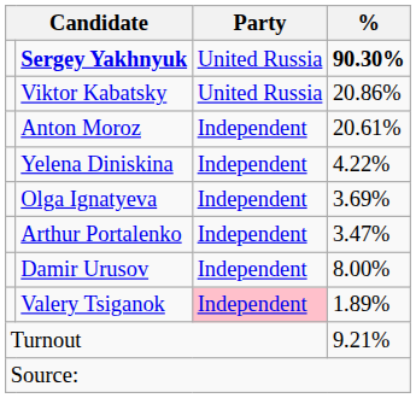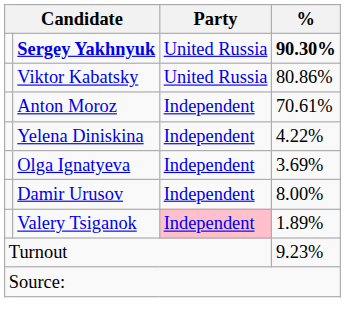 <table class="wikitable sortable" style="text-align:left; margin-bottom:0;">
 <tr>
 <th colspan=2>Candidate</th>
 <th>Party</th>
 <th>%</th>
 </tr>
 <tr>
 <td style="background-color:"></td>
 <td><strong><a href='#'>Sergey Yakhnyuk</a></strong></td>
 <td><a href='#'>United Russia</a></td>
 <td><strong>90.30%</strong></td>
 </tr>
 <tr>
 <td style="background-color:"></td>
 <td><a href='#'>Viktor Kabatsky</a></td>
 <td><a href='#'>United Russia</a></td>
-<td>20.86%</td>
+<td>80.86%</td>
 </tr>
 <tr>
 <td style="background-color:"></td>
 <td><a href='#'>Anton Moroz</a></td>
 <td><a href='#'>Independent</a></td>
-<td>20.61%</td>
+<td>70.61%</td>
 </tr>
 <tr>
 <td style="background-color:"></td>
 <td><a href='#'>Yelena Diniskina</a></td>
 <td><a href='#'>Independent</a></td>
 <td>4.22%</td>
 </tr>
 <tr>
 <td style="background-color:"></td>
 <td><a href='#'>Olga Ignatyeva</a></td>
 <td><a href='#'>Independent</a></td>
 <td>3.69%</td>
 </tr>
 <tr>
 <td style="background-color:"></td>
-<td><a href='#'>Arthur Portalenko</a></td>
-<td><a href='#'>Independent</a></td>
-<td>3.47%</td>
-</tr>
-<tr>
-<td style="background-color:"></td>
 <td><a href='#'>Damir Urusov</a></td>
 <td><a href='#'>Independent</a></td>
 <td>8.00%</td>
 </tr>
 <tr>
 <td style="background-color:"></td>
 <td><a href='#'>Valery Tsiganok</a></td>
 <td style="background: pink;"><a href='#'>Independent</a></td>
 <td>1.89%</td>
 </tr>
 <tr>
 <td colspan=3>Turnout</td>
-<td>9.21%</td>
+<td>9.23%</td>
 </tr>
 <tr>
 <td colspan=4>Source:</td>
 </tr>
 </table>
